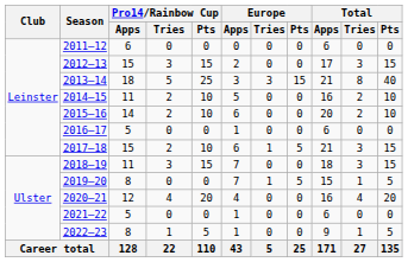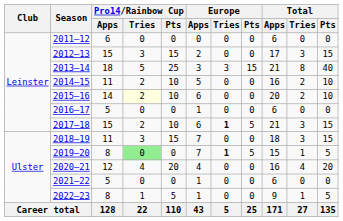 <table class="wikitable" style="font-size:95%; text-align:center">
 <tr>
 <th rowspan="2">Club</th>
 <th rowspan="2">Season</th>
 <th colspan="3"><a href='#'>Pro14</a>/Rainbow Cup</th>
 <th colspan="3">Europe</th>
 <th colspan="3">Total</th>
 </tr>
 <tr>
 <th>Apps</th>
 <th>Tries</th>
 <th>Pts</th>
 <th>Apps</th>
 <th>Tries</th>
 <th>Pts</th>
 <th>Apps</th>
 <th>Tries</th>
 <th>Pts</th>
 </tr>
 <tr>
 <td rowspan="7"><a href='#'>Leinster</a></td>
 <td><a href='#'>2011–12</a></td>
 <td>6</td>
 <td>0</td>
 <td>0</td>
 <td>0</td>
 <td>0</td>
 <td>0</td>
 <td>6</td>
 <td>0</td>
 <td>0</td>
 </tr>
 <tr>
 <td><a href='#'>2012–13</a></td>
 <td>15</td>
 <td>3</td>
 <td>15</td>
 <td>2</td>
 <td>0</td>
 <td>0</td>
 <td>17</td>
 <td>3</td>
 <td>15</td>
 </tr>
 <tr>
 <td><a href='#'>2013–14</a></td>
 <td>18</td>
 <td>5</td>
 <td>25</td>
 <td>3</td>
 <td>3</td>
 <td>15</td>
 <td>21</td>
 <td>8</td>
 <td>40</td>
 </tr>
 <tr>
 <td><a href='#'>2014–15</a></td>
 <td>11</td>
 <td>2</td>
 <td>10</td>
 <td>5</td>
 <td>0</td>
 <td>0</td>
 <td>16</td>
 <td>2</td>
 <td>10</td>
 </tr>
 <tr>
 <td><a href='#'>2015–16</a></td>
 <td>14</td>
-<td>2</td>
+<td style="background: lightyellow;">2</td>
 <td>10</td>
 <td>6</td>
 <td>0</td>
 <td>0</td>
 <td>20</td>
 <td>2</td>
 <td>10</td>
 </tr>
 <tr>
 <td><a href='#'>2016–17</a></td>
 <td>5</td>
 <td>0</td>
 <td>0</td>
 <td>1</td>
 <td>0</td>
 <td>0</td>
 <td>6</td>
 <td>0</td>
 <td>0</td>
 </tr>
 <tr>
 <td><a href='#'>2017–18</a></td>
 <td>15</td>
 <td>2</td>
 <td>10</td>
 <td>6</td>
-<td>1</td>
+<td><strong>1</strong></td>
 <td>5</td>
 <td>21</td>
 <td>3</td>
 <td>15</td>
 </tr>
 <tr>
 <td rowspan="5"><a href='#'>Ulster</a></td>
 <td><a href='#'>2018–19</a></td>
 <td>11</td>
 <td>3</td>
 <td>15</td>
 <td>7</td>
 <td>0</td>
 <td>0</td>
 <td>18</td>
 <td>3</td>
 <td>15</td>
 </tr>
 <tr>
 <td><a href='#'>2019–20</a></td>
 <td>8</td>
-<td>0</td>
+<td style="background: lightgreen;">0</td>
 <td>0</td>
 <td>7</td>
-<td>1</td>
+<td><strong>1</strong></td>
 <td>5</td>
 <td>15</td>
 <td>1</td>
 <td>5</td>
 </tr>
 <tr>
 <td><a href='#'>2020–21</a></td>
 <td>12</td>
 <td>4</td>
 <td>20</td>
 <td>4</td>
 <td>0</td>
 <td>0</td>
 <td>16</td>
 <td>4</td>
 <td>20</td>
 </tr>
 <tr>
 <td><a href='#'>2021–22</a></td>
 <td>5</td>
 <td>0</td>
 <td>0</td>
 <td>1</td>
 <td>0</td>
 <td>0</td>
 <td>6</td>
 <td>0</td>
 <td>0</td>
 </tr>
 <tr>
 <td><a href='#'>2022–23</a></td>
 <td>8</td>
 <td>1</td>
 <td>5</td>
 <td>1</td>
 <td>0</td>
 <td>0</td>
 <td>9</td>
 <td>1</td>
 <td>5</td>
 </tr>
 <tr>
 <th colspan="2">Career total</th>
 <th>128</th>
 <th>22</th>
 <th>110</th>
 <th>43</th>
 <th>5</th>
 <th>25</th>
 <th>171</th>
 <th>27</th>
 <th>135</th>
 </tr>
 </table>
